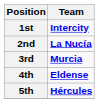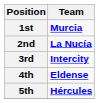 <table class="wikitable">
 <tr>
 <th>Position</th>
 <th>Team</th>
 </tr>
 <tr>
 <th>1st</th>
-<td><strong><a href='#'>Intercity</a></strong></td>
+<td><strong><a href='#'>Murcia</a></strong></td>
 </tr>
 <tr>
 <th>2nd</th>
 <td><strong><a href='#'>La Nucía</a></strong></td>
 </tr>
 <tr>
 <th>3rd</th>
-<td><strong><a href='#'>Murcia</a></strong></td>
+<td><strong><a href='#'>Intercity</a></strong></td>
 </tr>
 <tr>
 <th>4th</th>
 <td><strong><a href='#'>Eldense</a></strong></td>
 </tr>
 <tr>
 <th>5th</th>
 <td><strong><a href='#'>Hércules</a></strong></td>
 </tr>
 <tr>
 </tr>
 </table>
